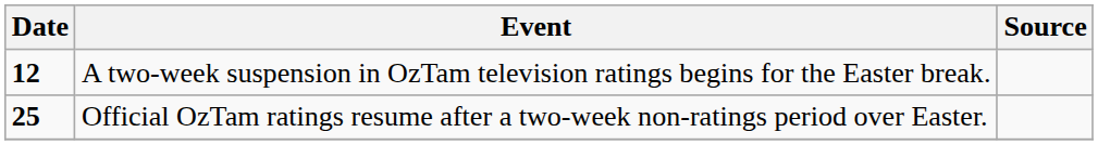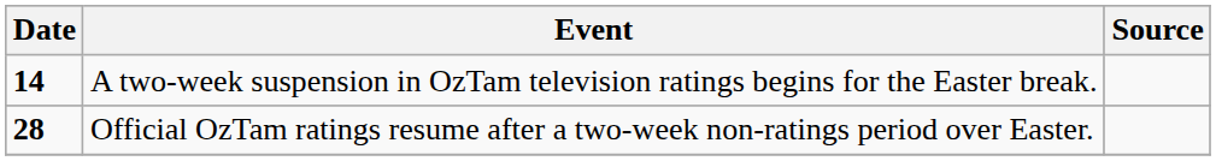 <table class="wikitable">
 <tr>
 <th>Date</th>
 <th>Event</th>
 <th>Source</th>
 </tr>
 <tr>
-<td><strong>12</strong></td>
+<td><strong>14</strong></td>
 <td>A two-week suspension in OzTam television ratings begins for the Easter break.</td>
 <td></td>
 </tr>
 <tr>
-<td><strong>25</strong></td>
+<td><strong>28</strong></td>
 <td>Official OzTam ratings resume after a two-week non-ratings period over Easter.</td>
 <td></td>
 </tr>
 <tr>
 </tr>
 </table>
